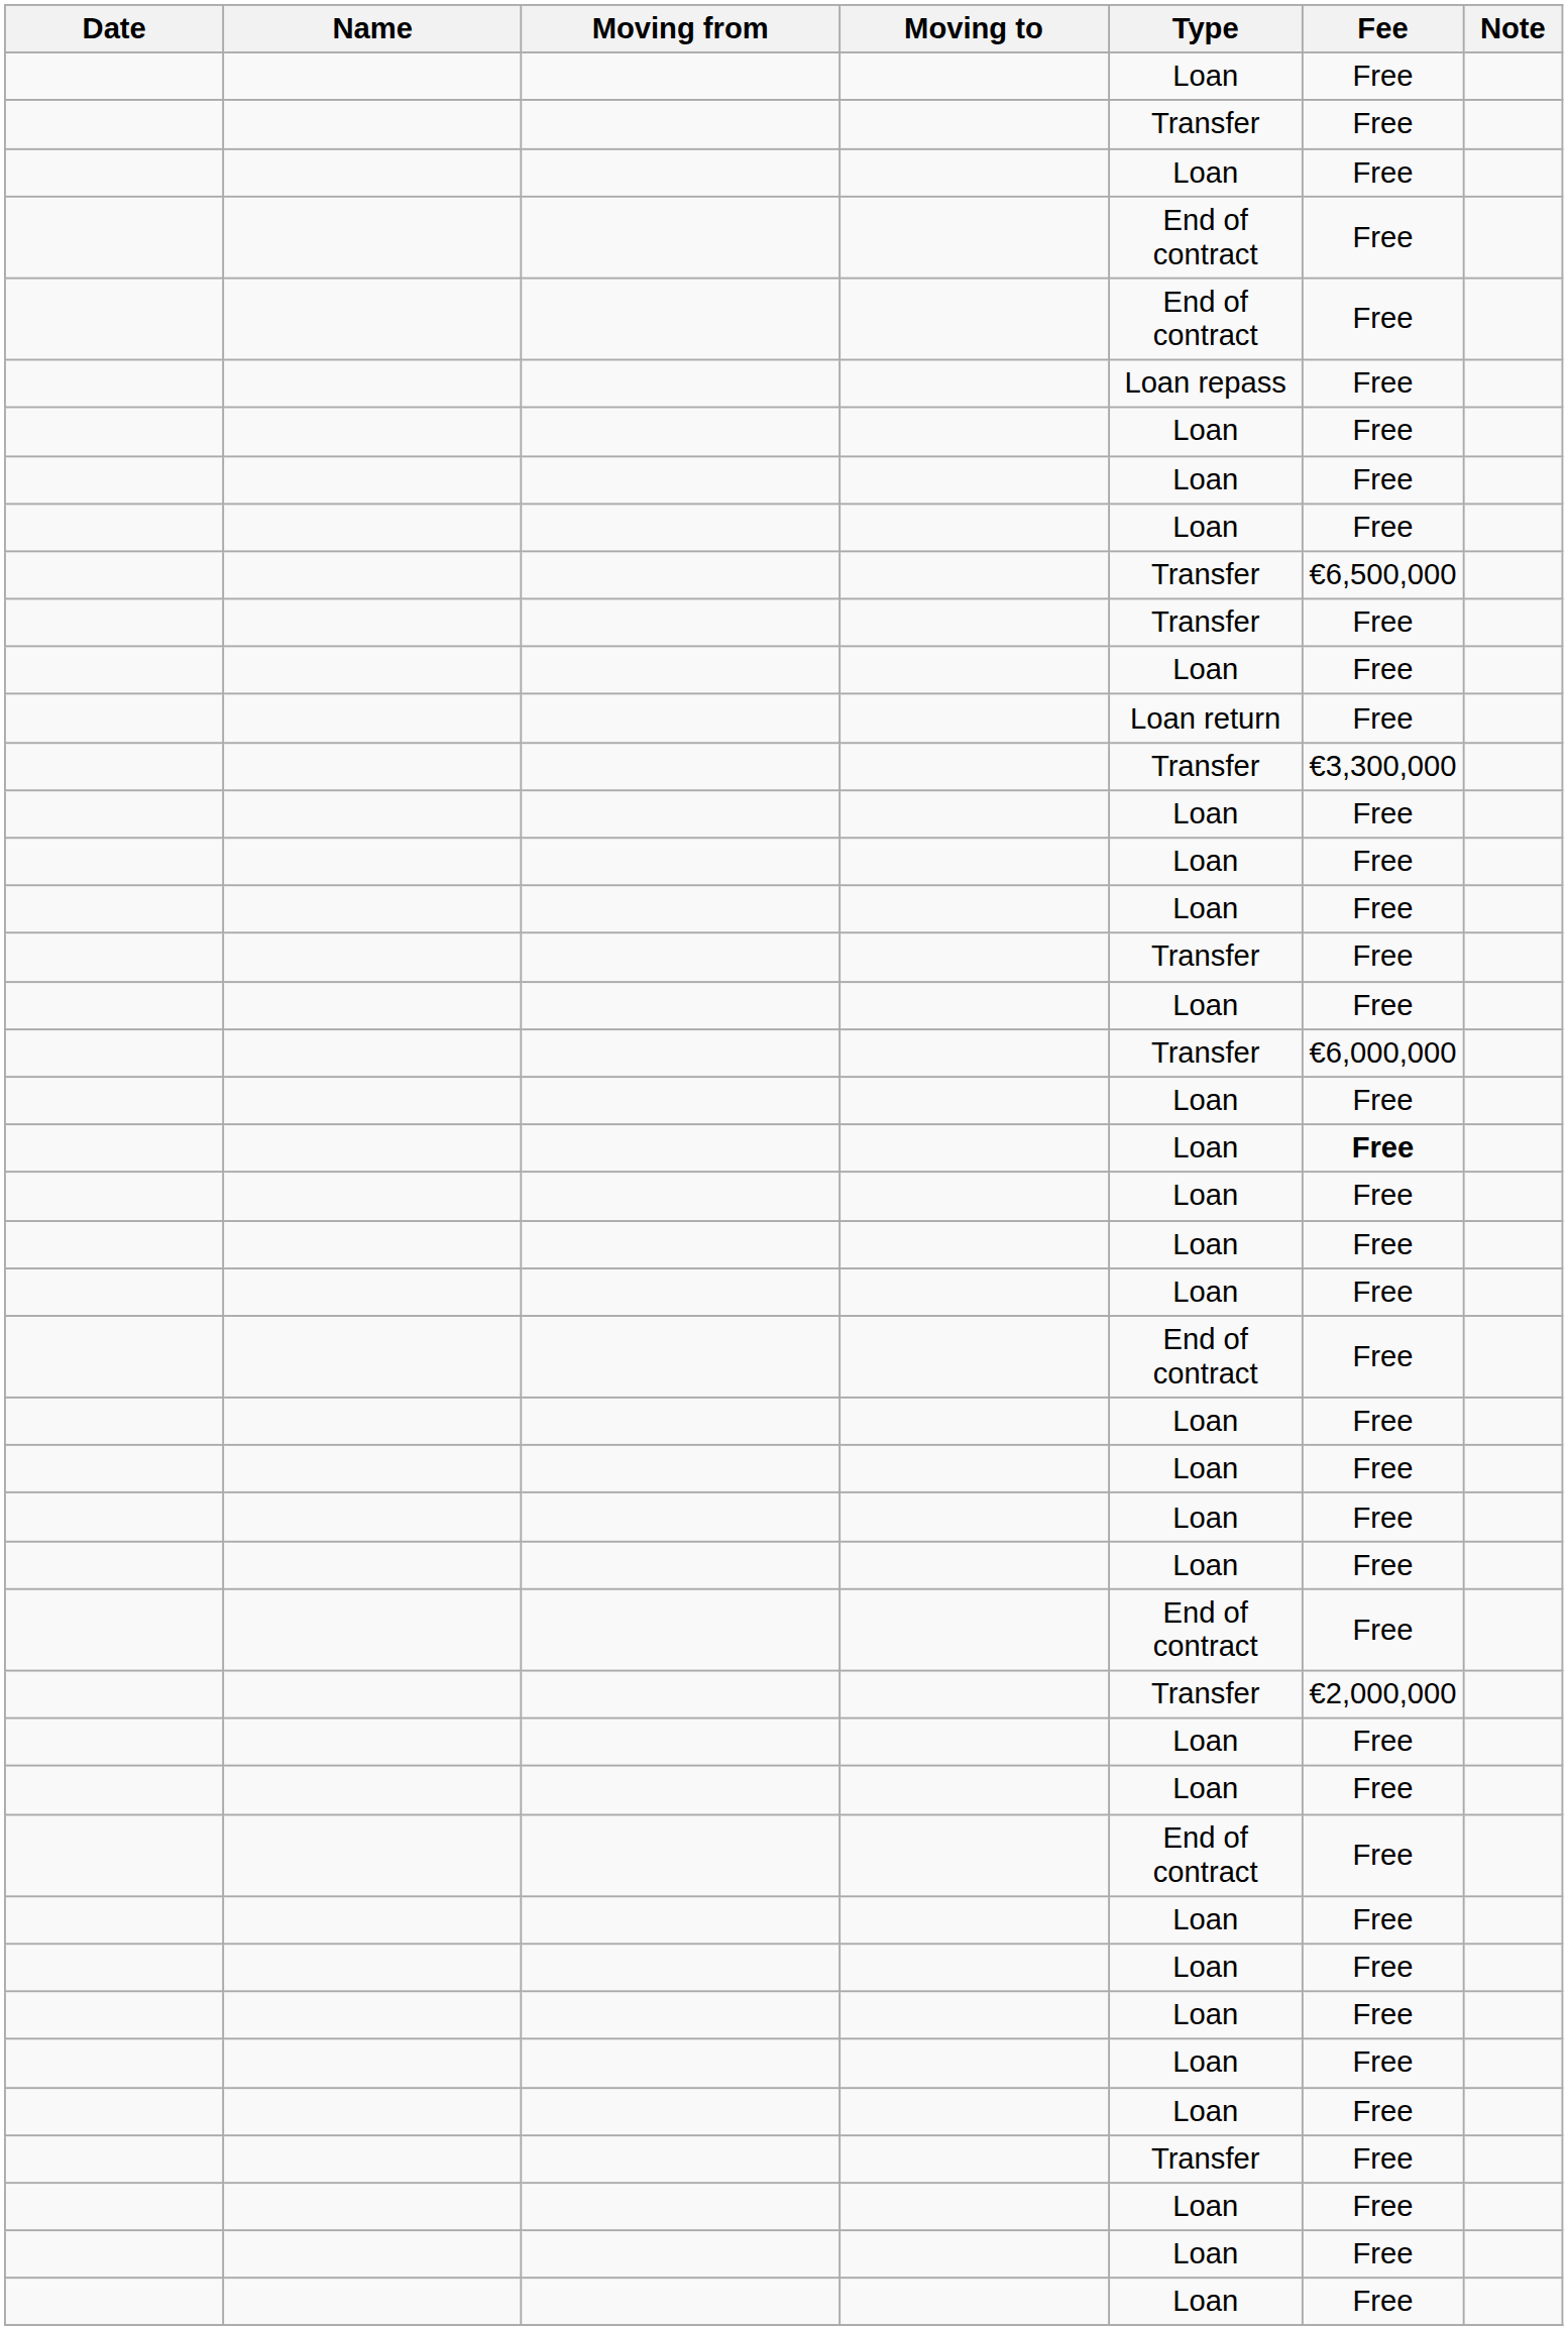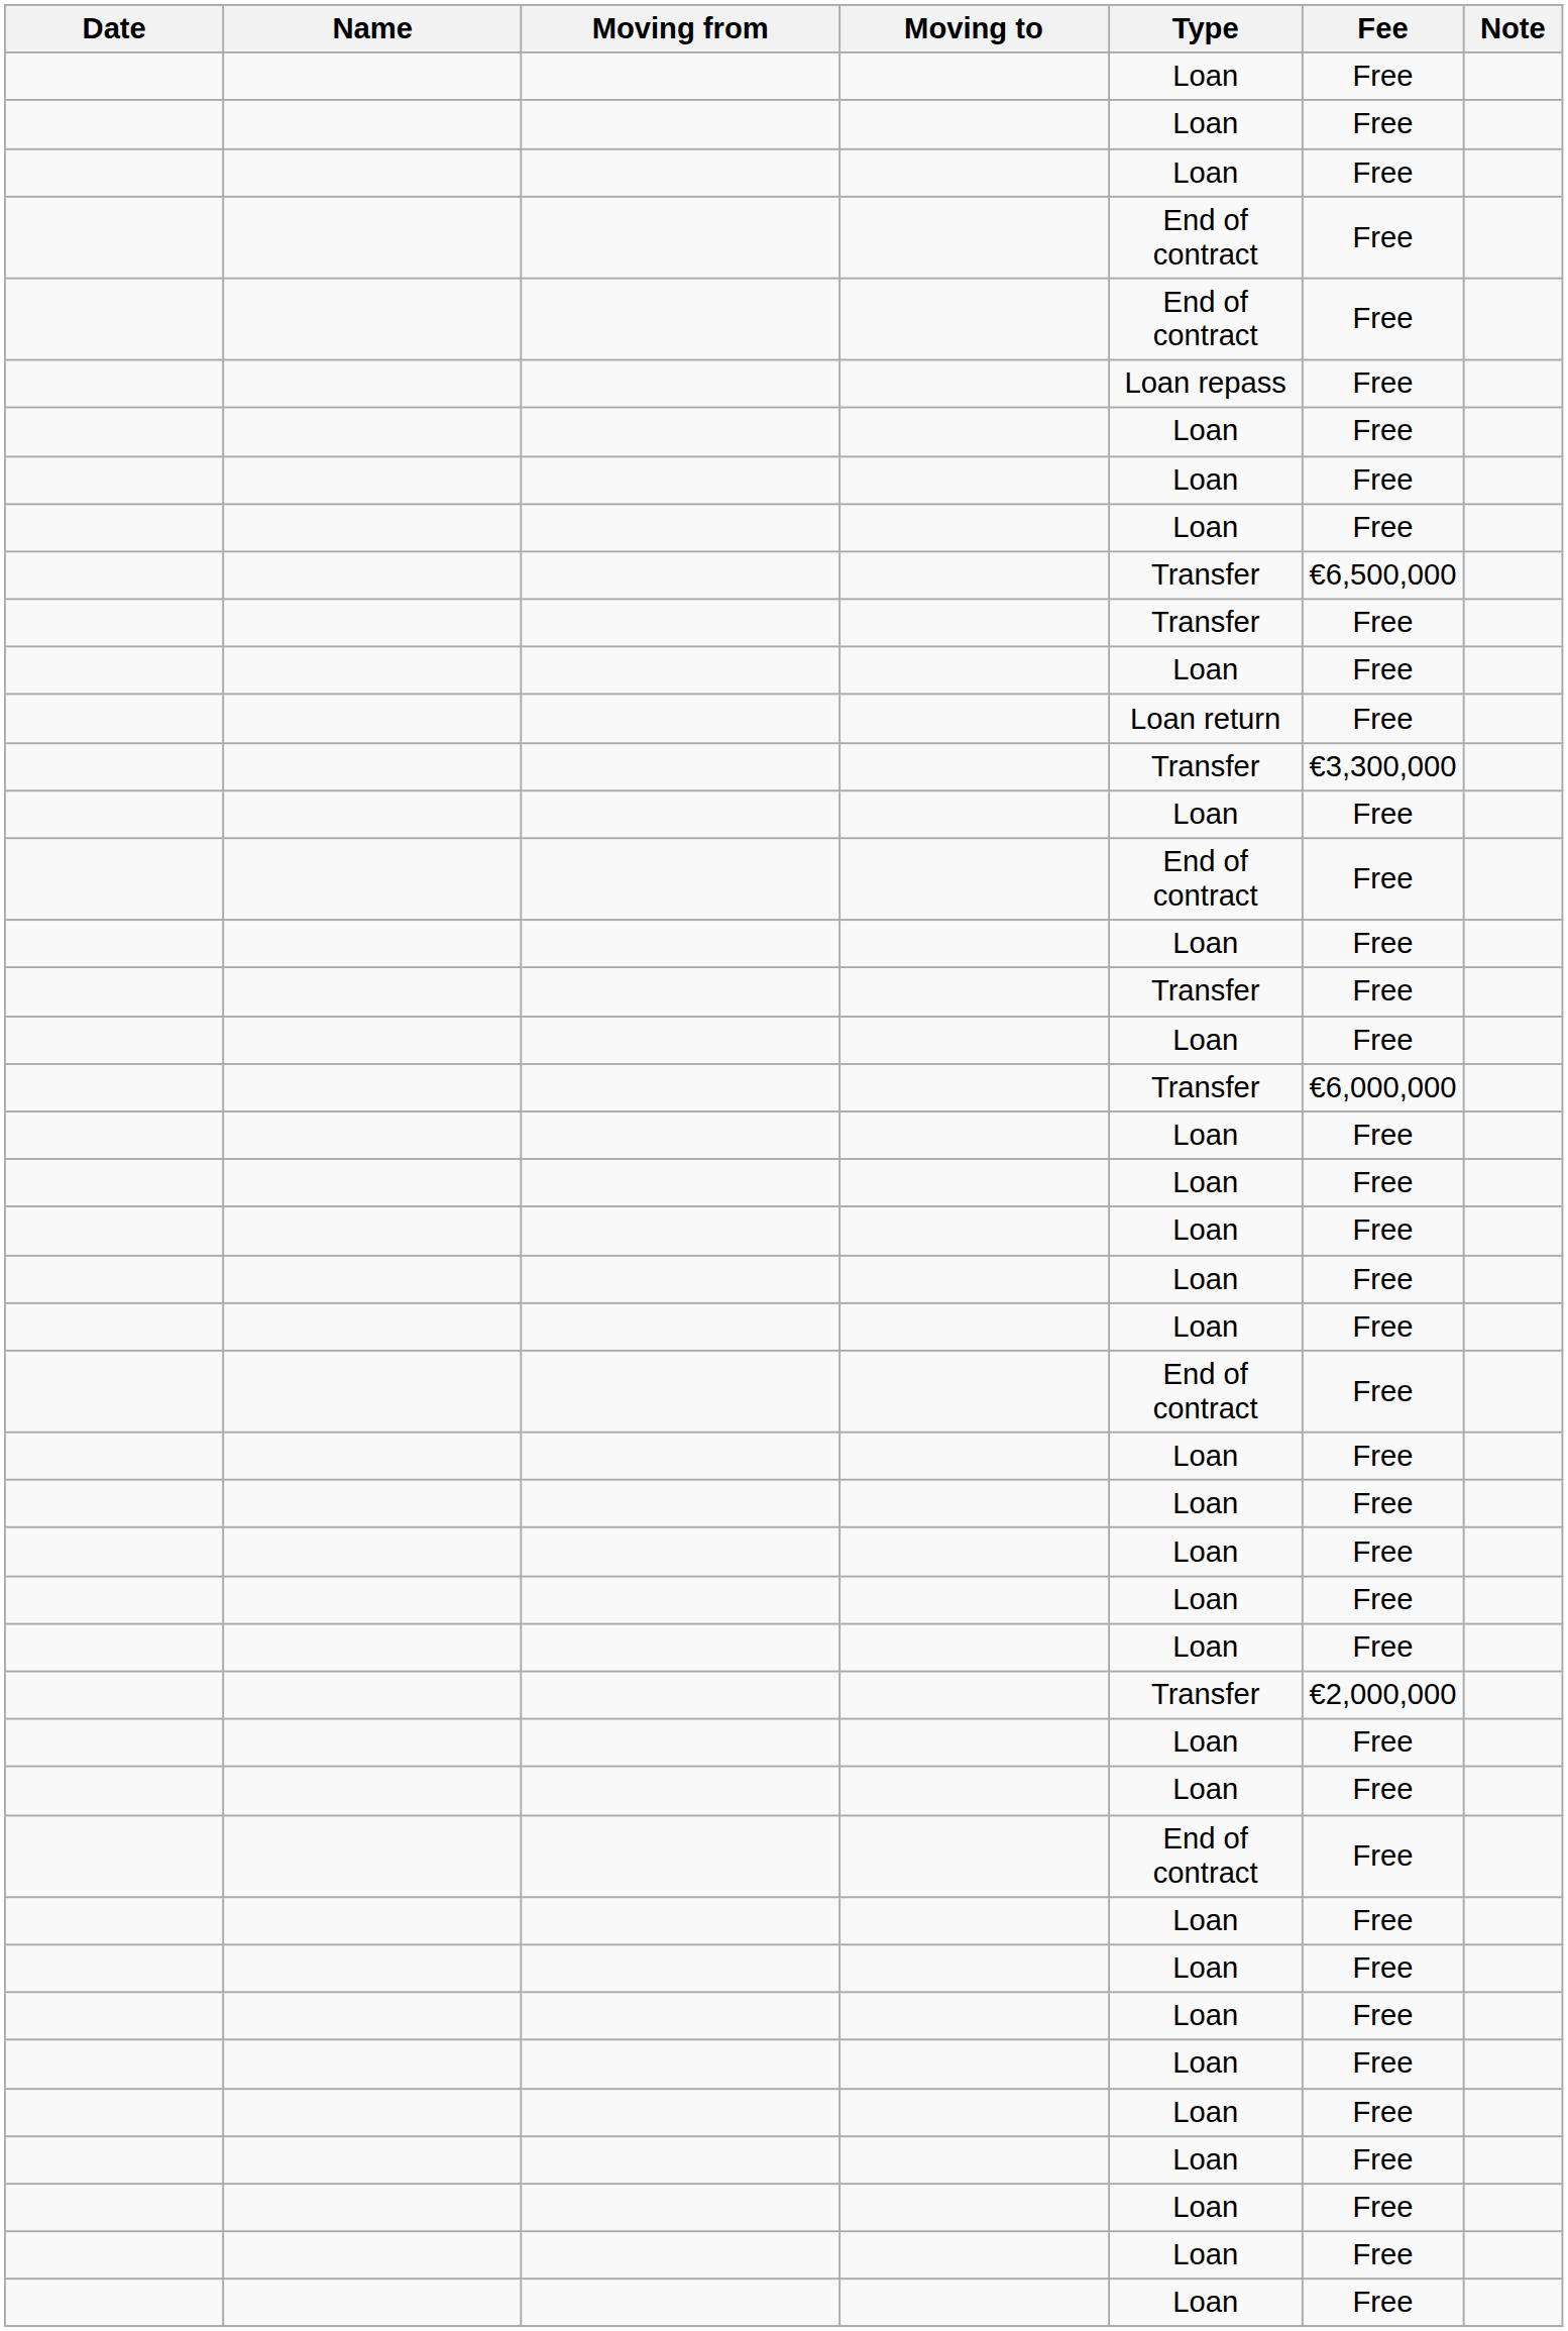 <table class="wikitable sortable" style="font-size:97%;">
 <tr>
 <th width="108"><strong>Date</strong></th>
 <th width="150"><strong>Name</strong></th>
 <th width="160"><strong>Moving from</strong></th>
 <th width="135"><strong>Moving to</strong></th>
 <th width="95"><strong>Type</strong></th>
 <th width="75"><strong>Fee</strong></th>
 <th width="45"><strong>Note</strong></th>
 </tr>
 <tr>
 <td style="text-align:center;"></td>
 <td></td>
 <td></td>
 <td></td>
 <td style="text-align:center;">Loan</td>
 <td style="text-align:center;">Free</td>
 <td style="text-align:center;"></td>
 </tr>
 <tr>
 <td style="text-align:center;"></td>
 <td></td>
 <td></td>
 <td></td>
-<td style="text-align:center;">Transfer</td>
+<td style="text-align:center;">Loan</td>
 <td style="text-align:center;">Free</td>
 <td style="text-align:center;"></td>
 </tr>
 <tr>
 <td style="text-align:center;"></td>
 <td></td>
 <td></td>
 <td></td>
 <td style="text-align:center;">Loan</td>
 <td style="text-align:center;">Free</td>
 <td style="text-align:center;"></td>
 </tr>
 <tr>
 <td style="text-align:center;"></td>
 <td></td>
 <td></td>
 <td></td>
 <td style="text-align:center;">End of contract</td>
 <td style="text-align:center;">Free</td>
 <td style="text-align:center;"></td>
 </tr>
 <tr>
 <td style="text-align:center;"></td>
 <td></td>
 <td></td>
 <td></td>
 <td style="text-align:center;">End of contract</td>
 <td style="text-align:center;">Free</td>
 <td style="text-align:center;"></td>
 </tr>
 <tr>
 <td style="text-align:center;"></td>
 <td></td>
 <td></td>
 <td></td>
 <td style="text-align:center;">Loan repass</td>
 <td style="text-align:center;">Free</td>
 <td style="text-align:center;"></td>
 </tr>
 <tr>
 <td style="text-align:center;"></td>
 <td></td>
 <td></td>
 <td></td>
 <td style="text-align:center;">Loan</td>
 <td style="text-align:center;">Free</td>
 <td style="text-align:center;"></td>
 </tr>
 <tr>
 <td style="text-align:center;"></td>
 <td></td>
 <td></td>
 <td></td>
 <td style="text-align:center;">Loan</td>
 <td style="text-align:center;">Free</td>
 <td style="text-align:center;"></td>
 </tr>
 <tr>
 <td style="text-align:center;"></td>
 <td></td>
 <td></td>
 <td></td>
 <td style="text-align:center;">Loan</td>
 <td style="text-align:center;">Free</td>
 <td style="text-align:center;"></td>
 </tr>
 <tr>
 <td style="text-align:center;"></td>
 <td></td>
 <td></td>
 <td></td>
 <td style="text-align:center;">Transfer</td>
 <td style="text-align:center;">€6,500,000</td>
 <td style="text-align:center;"></td>
 </tr>
 <tr>
 <td style="text-align:center;"></td>
 <td></td>
 <td></td>
 <td></td>
 <td style="text-align:center;">Transfer</td>
 <td style="text-align:center;">Free</td>
 <td style="text-align:center;"></td>
 </tr>
 <tr>
 <td style="text-align:center;"></td>
 <td></td>
 <td></td>
 <td></td>
 <td style="text-align:center;">Loan</td>
 <td style="text-align:center;">Free</td>
 <td style="text-align:center;"></td>
 </tr>
 <tr>
 <td style="text-align:center;"></td>
 <td></td>
 <td></td>
 <td></td>
 <td style="text-align:center;">Loan return</td>
 <td style="text-align:center;">Free</td>
 <td style="text-align:center;"></td>
 </tr>
 <tr>
 <td style="text-align:center;"></td>
 <td></td>
 <td></td>
 <td></td>
 <td style="text-align:center;">Transfer</td>
 <td style="text-align:center;">€3,300,000</td>
 <td style="text-align:center;"></td>
 </tr>
 <tr>
 <td style="text-align:center;"></td>
 <td></td>
 <td></td>
 <td></td>
 <td style="text-align:center;">Loan</td>
 <td style="text-align:center;">Free</td>
 <td style="text-align:center;"></td>
 </tr>
 <tr>
 <td style="text-align:center;"></td>
 <td></td>
 <td></td>
 <td></td>
-<td style="text-align:center;">Loan</td>
+<td style="text-align:center;">End of contract</td>
 <td style="text-align:center;">Free</td>
 <td style="text-align:center;"></td>
 </tr>
 <tr>
 <td style="text-align:center;"></td>
 <td></td>
 <td></td>
 <td></td>
 <td style="text-align:center;">Loan</td>
 <td style="text-align:center;">Free</td>
 <td style="text-align:center;"></td>
 </tr>
 <tr>
 <td style="text-align:center;"></td>
 <td></td>
 <td></td>
 <td></td>
 <td style="text-align:center;">Transfer</td>
 <td style="text-align:center;">Free</td>
 <td style="text-align:center;"></td>
 </tr>
 <tr>
 <td style="text-align:center;"></td>
 <td></td>
 <td></td>
 <td></td>
 <td style="text-align:center;">Loan</td>
 <td style="text-align:center;">Free</td>
 <td style="text-align:center;"></td>
 </tr>
 <tr>
 <td style="text-align:center;"></td>
 <td></td>
 <td></td>
 <td></td>
 <td style="text-align:center;">Transfer</td>
 <td style="text-align:center;">€6,000,000</td>
 <td style="text-align:center;"></td>
 </tr>
 <tr>
 <td style="text-align:center;"></td>
 <td></td>
 <td></td>
 <td></td>
 <td style="text-align:center;">Loan</td>
 <td style="text-align:center;">Free</td>
 <td style="text-align:center;"></td>
 </tr>
 <tr>
 <td style="text-align:center;"></td>
 <td></td>
 <td></td>
 <td></td>
 <td style="text-align:center;">Loan</td>
-<td style="text-align:center;"><strong>Free</strong></td>
+<td style="text-align:center;">Free</td>
 <td style="text-align:center;"></td>
 </tr>
 <tr>
 <td style="text-align:center;"></td>
 <td></td>
 <td></td>
 <td></td>
 <td style="text-align:center;">Loan</td>
 <td style="text-align:center;">Free</td>
 <td style="text-align:center;"></td>
 </tr>
 <tr>
 <td style="text-align:center;"></td>
 <td></td>
 <td></td>
 <td></td>
 <td style="text-align:center;">Loan</td>
 <td style="text-align:center;">Free</td>
 <td style="text-align:center;"></td>
 </tr>
 <tr>
 <td style="text-align:center;"></td>
 <td></td>
 <td></td>
 <td></td>
 <td style="text-align:center;">Loan</td>
 <td style="text-align:center;">Free</td>
 <td style="text-align:center;"></td>
 </tr>
 <tr>
 <td style="text-align:center;"></td>
 <td></td>
 <td></td>
 <td></td>
 <td style="text-align:center;">End of contract</td>
 <td style="text-align:center;">Free</td>
 <td style="text-align:center;"></td>
 </tr>
 <tr>
 <td style="text-align:center;"></td>
 <td></td>
 <td></td>
 <td></td>
 <td style="text-align:center;">Loan</td>
 <td style="text-align:center;">Free</td>
 <td style="text-align:center;"></td>
 </tr>
 <tr>
 <td style="text-align:center;"></td>
 <td></td>
 <td></td>
 <td></td>
 <td style="text-align:center;">Loan</td>
 <td style="text-align:center;">Free</td>
 <td style="text-align:center;"></td>
 </tr>
 <tr>
 <td style="text-align:center;"></td>
 <td></td>
 <td></td>
 <td></td>
 <td style="text-align:center;">Loan</td>
 <td style="text-align:center;">Free</td>
 <td style="text-align:center;"></td>
 </tr>
 <tr>
 <td style="text-align:center;"></td>
 <td></td>
 <td></td>
 <td></td>
 <td style="text-align:center;">Loan</td>
 <td style="text-align:center;">Free</td>
 <td style="text-align:center;"></td>
 </tr>
 <tr>
 <td style="text-align:center;"></td>
 <td></td>
 <td></td>
 <td></td>
-<td style="text-align:center;">End of contract</td>
+<td style="text-align:center;">Loan</td>
 <td style="text-align:center;">Free</td>
 <td style="text-align:center;"></td>
 </tr>
 <tr>
 <td style="text-align:center;"></td>
 <td></td>
 <td></td>
 <td></td>
 <td style="text-align:center;">Transfer</td>
 <td style="text-align:center;">€2,000,000</td>
 <td style="text-align:center;"></td>
 </tr>
 <tr>
 <td style="text-align:center;"></td>
 <td></td>
 <td></td>
 <td></td>
 <td style="text-align:center;">Loan</td>
 <td style="text-align:center;">Free</td>
 <td style="text-align:center;"></td>
 </tr>
 <tr>
 <td style="text-align:center;"></td>
 <td></td>
 <td></td>
 <td></td>
 <td style="text-align:center;">Loan</td>
 <td style="text-align:center;">Free</td>
 <td style="text-align:center;"></td>
 </tr>
 <tr>
 <td style="text-align:center;"></td>
 <td></td>
 <td></td>
 <td></td>
 <td style="text-align:center;">End of contract</td>
 <td style="text-align:center;">Free</td>
 <td style="text-align:center;"></td>
 </tr>
 <tr>
 <td style="text-align:center;"></td>
 <td></td>
 <td></td>
 <td></td>
 <td style="text-align:center;">Loan</td>
 <td style="text-align:center;">Free</td>
 <td style="text-align:center;"></td>
 </tr>
 <tr>
 <td style="text-align:center;"></td>
 <td></td>
 <td></td>
 <td></td>
 <td style="text-align:center;">Loan</td>
 <td style="text-align:center;">Free</td>
 <td style="text-align:center;"></td>
 </tr>
 <tr>
 <td style="text-align:center;"></td>
 <td></td>
 <td></td>
 <td></td>
 <td style="text-align:center;">Loan</td>
 <td style="text-align:center;">Free</td>
 <td style="text-align:center;"></td>
 </tr>
 <tr>
 <td style="text-align:center;"></td>
 <td></td>
 <td></td>
 <td></td>
 <td style="text-align:center;">Loan</td>
 <td style="text-align:center;">Free</td>
 <td style="text-align:center;"></td>
 </tr>
 <tr>
 <td style="text-align:center;"></td>
 <td></td>
 <td></td>
 <td></td>
 <td style="text-align:center;">Loan</td>
 <td style="text-align:center;">Free</td>
 <td style="text-align:center;"></td>
 </tr>
 <tr>
 <td style="text-align:center;"></td>
 <td></td>
 <td></td>
 <td></td>
-<td style="text-align:center;">Transfer</td>
+<td style="text-align:center;">Loan</td>
 <td style="text-align:center;">Free</td>
 <td style="text-align:center;"></td>
 </tr>
 <tr>
 <td style="text-align:center;"></td>
 <td></td>
 <td></td>
 <td></td>
 <td style="text-align:center;">Loan</td>
 <td style="text-align:center;">Free</td>
 <td style="text-align:center;"></td>
 </tr>
 <tr>
 <td style="text-align:center;"></td>
 <td></td>
 <td></td>
 <td></td>
 <td style="text-align:center;">Loan</td>
 <td style="text-align:center;">Free</td>
 <td style="text-align:center;"></td>
 </tr>
 <tr>
 <td style="text-align:center;"></td>
 <td></td>
 <td></td>
 <td></td>
 <td style="text-align:center;">Loan</td>
 <td style="text-align:center;">Free</td>
 <td style="text-align:center;"></td>
 </tr>
 <tr>
 </tr>
 </table>
